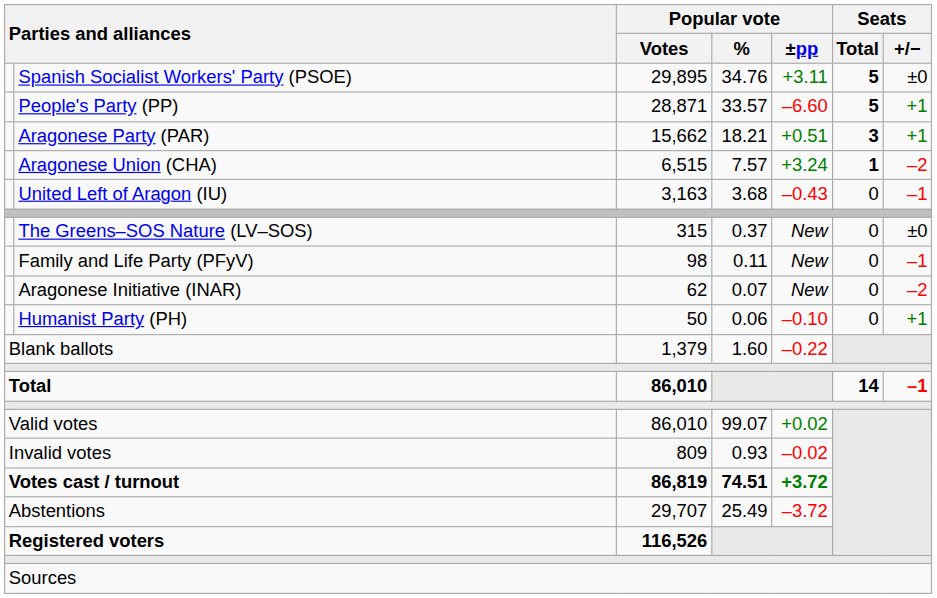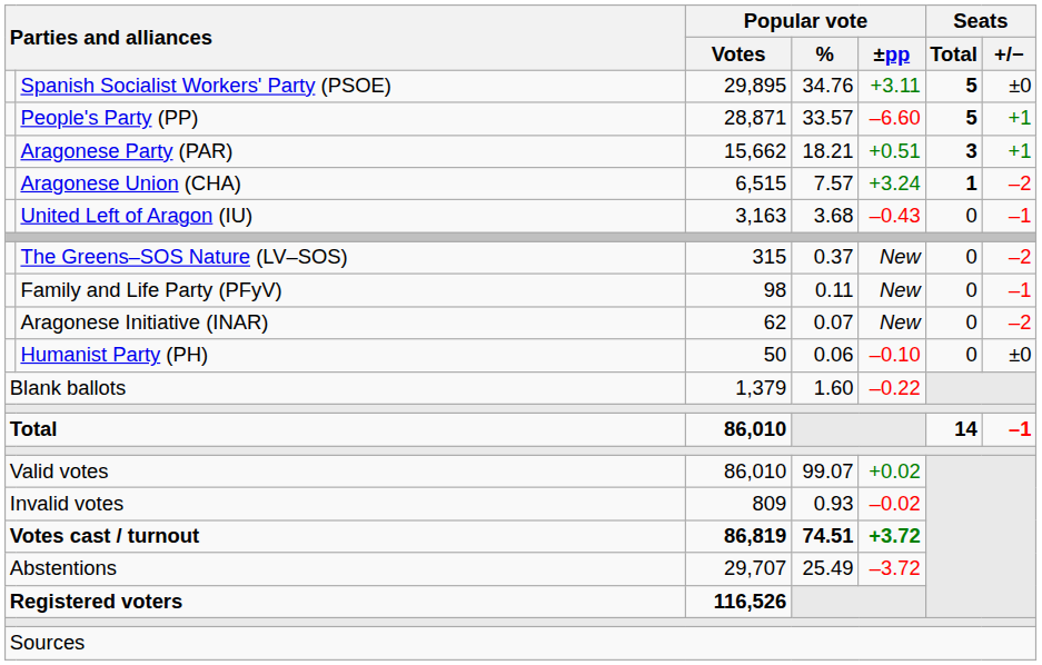 <table class="wikitable" style="text-align:right;">
 <tr>
 <th style="text-align:left;" rowspan="2" colspan="2" width="525">Parties and alliances</th>
 <th colspan="3">Popular vote</th>
 <th colspan="2">Seats</th>
 </tr>
 <tr>
 <th width="75">Votes</th>
 <th width="45">%</th>
 <th width="45">±<a href='#'>pp</a></th>
 <th width="35">Total</th>
 <th width="35">+/−</th>
 </tr>
 <tr>
 <td width="1" style="color:inherit;background:"></td>
 <td align="left"><a href='#'>Spanish Socialist Workers' Party</a> (PSOE)</td>
 <td>29,895</td>
 <td>34.76</td>
 <td style="color:green;">+3.11</td>
 <td><strong>5</strong></td>
 <td>±0</td>
 </tr>
 <tr>
 <td style="color:inherit;background:"></td>
 <td align="left"><a href='#'>People's Party</a> (PP)</td>
 <td>28,871</td>
 <td>33.57</td>
 <td style="color:red;">–6.60</td>
 <td><strong>5</strong></td>
 <td style="color:green;">+1</td>
 </tr>
 <tr>
 <td style="color:inherit;background:"></td>
 <td align="left"><a href='#'>Aragonese Party</a> (PAR)</td>
 <td>15,662</td>
 <td>18.21</td>
 <td style="color:green;">+0.51</td>
 <td><strong>3</strong></td>
 <td style="color:green;">+1</td>
 </tr>
 <tr>
 <td style="color:inherit;background:"></td>
 <td align="left"><a href='#'>Aragonese Union</a> (CHA)</td>
 <td>6,515</td>
 <td>7.57</td>
 <td style="color:green;">+3.24</td>
 <td><strong>1</strong></td>
 <td style="color:red;">–2</td>
 </tr>
 <tr>
 <td style="color:inherit;background:"></td>
 <td align="left"><a href='#'>United Left of Aragon</a> (IU)</td>
 <td>3,163</td>
 <td>3.68</td>
 <td style="color:red;">–0.43</td>
 <td>0</td>
 <td style="color:red;">–1</td>
 </tr>
 <tr>
 <td colspan="7" bgcolor="#C0C0C0"></td>
 </tr>
 <tr>
 <td style="color:inherit;background:"></td>
 <td align="left"><a href='#'>The Greens–SOS Nature</a> (LV–SOS)</td>
 <td>315</td>
 <td>0.37</td>
 <td><em>New</em></td>
 <td>0</td>
-<td>±0</td>
+<td style="color:red;">–2</td>
 </tr>
 <tr>
 <td style="color:inherit;background:"></td>
 <td align="left">Family and Life Party (PFyV)</td>
 <td>98</td>
 <td>0.11</td>
 <td><em>New</em></td>
 <td>0</td>
 <td style="color:red;">–1</td>
 </tr>
 <tr>
 <td style="color:inherit;background:"></td>
 <td align="left">Aragonese Initiative (INAR)</td>
 <td>62</td>
 <td>0.07</td>
 <td><em>New</em></td>
 <td>0</td>
 <td style="color:red;">–2</td>
 </tr>
 <tr>
 <td style="color:inherit;background:"></td>
 <td align="left"><a href='#'>Humanist Party</a> (PH)</td>
 <td>50</td>
 <td>0.06</td>
 <td style="color:red;">–0.10</td>
 <td>0</td>
-<td style="color:green;">+1</td>
+<td>±0</td>
 </tr>
 <tr>
 <td align="left" colspan="2">Blank ballots</td>
 <td>1,379</td>
 <td>1.60</td>
 <td style="color:red;">–0.22</td>
 <td bgcolor="#E9E9E9" colspan="2"></td>
 </tr>
 <tr>
 <td colspan="7" bgcolor="#E9E9E9"></td>
 </tr>
 <tr style="font-weight:bold;">
 <td align="left" colspan="2">Total</td>
 <td>86,010</td>
 <td bgcolor="#E9E9E9" colspan="2"></td>
 <td>14</td>
 <td style="color:red;">–1</td>
 </tr>
 <tr>
 <td colspan="7" bgcolor="#E9E9E9"></td>
 </tr>
 <tr>
 <td align="left" colspan="2">Valid votes</td>
 <td>86,010</td>
 <td>99.07</td>
 <td style="color:green;">+0.02</td>
 <td bgcolor="#E9E9E9" colspan="2" rowspan="5"></td>
 </tr>
 <tr>
 <td align="left" colspan="2">Invalid votes</td>
 <td>809</td>
 <td>0.93</td>
 <td style="color:red;">–0.02</td>
 </tr>
 <tr style="font-weight:bold;">
 <td align="left" colspan="2">Votes cast / turnout</td>
 <td>86,819</td>
 <td>74.51</td>
 <td style="color:green;">+3.72</td>
 </tr>
 <tr>
 <td align="left" colspan="2">Abstentions</td>
 <td>29,707</td>
 <td>25.49</td>
 <td style="color:red;">–3.72</td>
 </tr>
 <tr style="font-weight:bold;">
 <td align="left" colspan="2">Registered voters</td>
 <td>116,526</td>
 <td bgcolor="#E9E9E9" colspan="2"></td>
 </tr>
 <tr>
 <td colspan="7" bgcolor="#E9E9E9"></td>
 </tr>
 <tr>
 <td align="left" colspan="7">Sources</td>
 </tr>
 </table>
